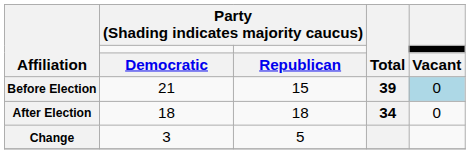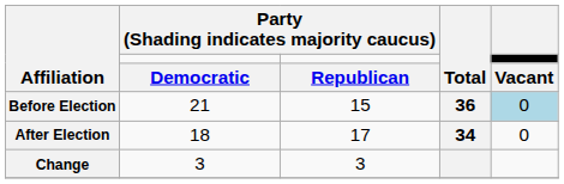 <table class=wikitable style="text-align:center">
 <tr style="vertical-align:bottom;">
 <th rowspan="3">Affiliation</th>
 <th colspan="2">Party <div>(Shading indicates majority caucus)</div></th>
 <th rowspan="3">Total</th>
 <th></th>
 </tr>
 <tr style="height:5px">
 <td style="background-color:"></td>
 <td style="background-color:"></td>
 <td style="background-color:black"></td>
 </tr>
 <tr>
 <th><a href='#'>Democratic</a></th>
 <th><a href='#'>Republican</a></th>
 <th>Vacant</th>
 </tr>
 <tr>
 <th style="font-size:80%">Before Election</th>
 <td>21</td>
 <td>15</td>
-<th>39</th>
+<th>36</th>
 <td style="background: lightblue;">0</td>
 </tr>
 <tr>
 <th style="font-size:80%">After Election</th>
 <td>18</td>
-<td>18</td>
+<td>17</td>
 <th>34</th>
 <td>0</td>
 </tr>
 <tr>
 <th style="font-size:80%">Change</th>
 <td> 3</td>
-<td> 5</td>
+<td> 3</td>
 <th></th>
 <td></td>
 </tr>
 <tr>
 </tr>
 </table>
